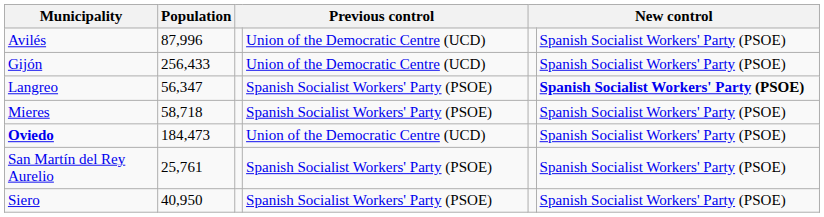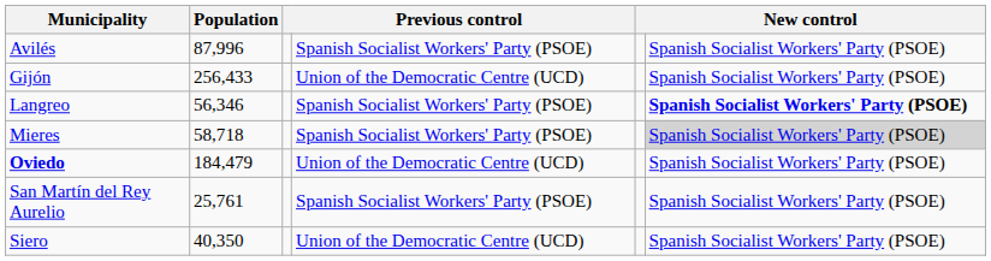 <table class="wikitable sortable">
 <tr>
 <th>Municipality</th>
 <th>Population</th>
 <th colspan="2" style="width:375px;">Previous control</th>
 <th colspan="2" style="width:375px;">New control</th>
 </tr>
 <tr>
 <td><a href='#'>Avilés</a></td>
 <td>87,996</td>
 <td width="1" style="color:inherit;background:"></td>
-<td><a href='#'>Union of the Democratic Centre</a> (UCD)</td>
+<td><a href='#'>Spanish Socialist Workers' Party</a> (PSOE)</td>
 <td width="1" style="color:inherit;background:"></td>
 <td><a href='#'>Spanish Socialist Workers' Party</a> (PSOE)</td>
 </tr>
 <tr>
 <td><a href='#'>Gijón</a></td>
 <td>256,433</td>
 <td style="color:inherit;background:"></td>
 <td><a href='#'>Union of the Democratic Centre</a> (UCD)</td>
 <td style="color:inherit;background:"></td>
 <td><a href='#'>Spanish Socialist Workers' Party</a> (PSOE)</td>
 </tr>
 <tr>
 <td><a href='#'>Langreo</a></td>
-<td>56,347</td>
+<td>56,346</td>
 <td style="color:inherit;background:"></td>
 <td><a href='#'>Spanish Socialist Workers' Party</a> (PSOE)</td>
 <td style="color:inherit;background:"></td>
 <td><strong><a href='#'>Spanish Socialist Workers' Party</a> (PSOE)</strong></td>
 </tr>
 <tr>
 <td><a href='#'>Mieres</a></td>
 <td>58,718</td>
 <td style="color:inherit;background:"></td>
 <td><a href='#'>Spanish Socialist Workers' Party</a> (PSOE)</td>
 <td style="color:inherit;background:"></td>
-<td><a href='#'>Spanish Socialist Workers' Party</a> (PSOE)</td>
+<td style="background: lightgrey;"><a href='#'>Spanish Socialist Workers' Party</a> (PSOE)</td>
 </tr>
 <tr>
 <td><strong><a href='#'>Oviedo</a></strong></td>
-<td>184,473</td>
+<td>184,479</td>
 <td style="color:inherit;background:"></td>
 <td><a href='#'>Union of the Democratic Centre</a> (UCD)</td>
 <td style="color:inherit;background:"></td>
 <td><a href='#'>Spanish Socialist Workers' Party</a> (PSOE)</td>
 </tr>
 <tr>
 <td><a href='#'>San Martín del Rey Aurelio</a></td>
 <td>25,761</td>
 <td style="color:inherit;background:"></td>
 <td><a href='#'>Spanish Socialist Workers' Party</a> (PSOE)</td>
 <td style="color:inherit;background:"></td>
 <td><a href='#'>Spanish Socialist Workers' Party</a> (PSOE)</td>
 </tr>
 <tr>
 <td><a href='#'>Siero</a></td>
-<td>40,950</td>
+<td>40,350</td>
 <td style="color:inherit;background:"></td>
-<td><a href='#'>Spanish Socialist Workers' Party</a> (PSOE)</td>
+<td><a href='#'>Union of the Democratic Centre</a> (UCD)</td>
 <td style="color:inherit;background:"></td>
 <td><a href='#'>Spanish Socialist Workers' Party</a> (PSOE)</td>
 </tr>
 </table>
